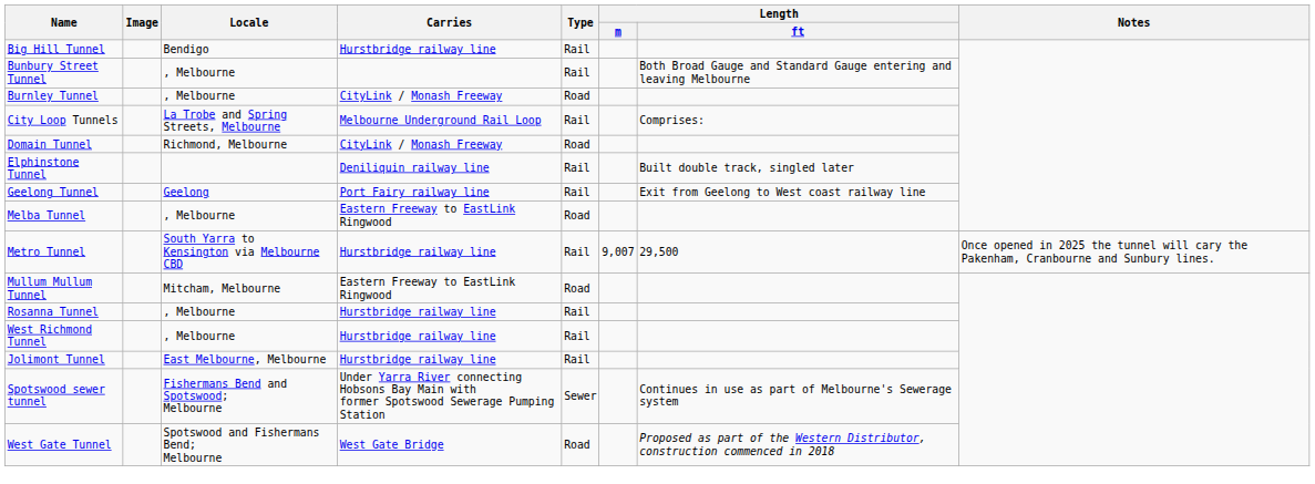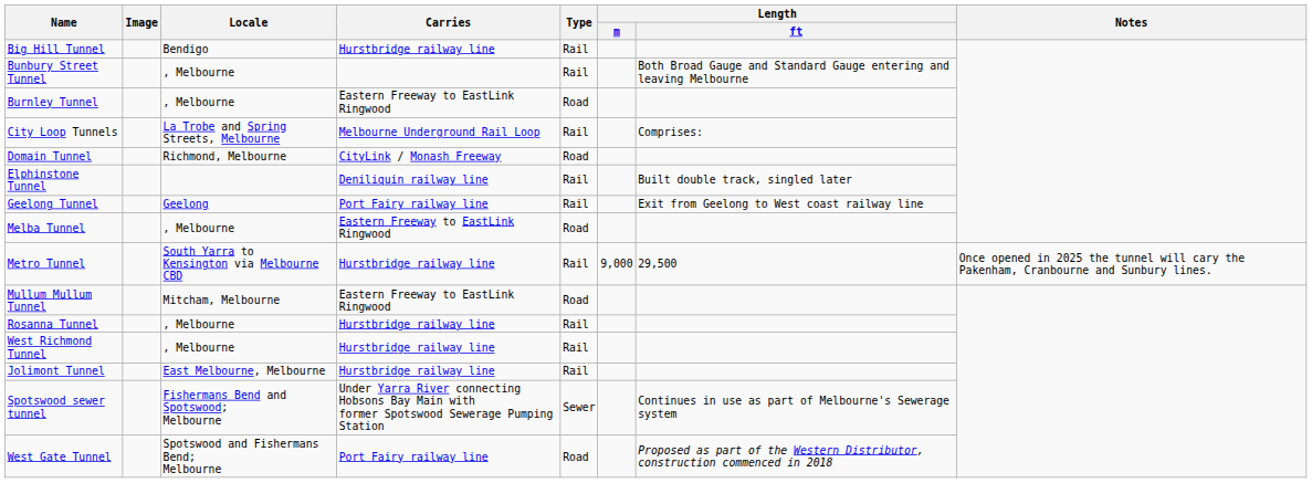 <table class="wikitable sortable">
 <tr>
 <th rowspan=2>Name</th>
 <th rowspan=2>Image</th>
 <th rowspan=2>Locale</th>
 <th rowspan=2>Carries</th>
 <th rowspan=2>Type</th>
 <th colspan=2>Length</th>
 <th rowspan=2>Notes</th>
 </tr>
 <tr>
 <th><a href='#'>m</a></th>
 <th><a href='#'>ft</a></th>
 </tr>
 <tr>
 <td><a href='#'>Big Hill Tunnel</a></td>
 <td></td>
 <td>Bendigo</td>
 <td><a href='#'>Hurstbridge railway line</a></td>
 <td>Rail</td>
 <td></td>
 <td></td>
 </tr>
 <tr>
 <td><a href='#'>Bunbury Street Tunnel</a></td>
 <td></td>
 <td>, Melbourne</td>
 <td></td>
 <td>Rail</td>
 <td></td>
 <td>Both Broad Gauge and Standard Gauge entering and leaving Melbourne</td>
 </tr>
 <tr>
 <td><a href='#'>Burnley Tunnel</a></td>
 <td></td>
 <td>, Melbourne</td>
-<td><a href='#'>CityLink</a> / <a href='#'>Monash Freeway</a></td>
+<td>Eastern Freeway to EastLink Ringwood</td>
 <td>Road</td>
 <td></td>
 <td></td>
 </tr>
 <tr>
 <td><a href='#'>City Loop</a> Tunnels</td>
 <td></td>
 <td><a href='#'>La Trobe</a> and <a href='#'>Spring</a> Streets, <a href='#'>Melbourne</a></td>
 <td><a href='#'>Melbourne Underground Rail Loop</a></td>
 <td>Rail</td>
 <td></td>
 <td>Comprises:<br></td>
 </tr>
 <tr>
 <td><a href='#'>Domain Tunnel</a></td>
 <td></td>
 <td>Richmond, Melbourne</td>
 <td><a href='#'>CityLink</a> / <a href='#'>Monash Freeway</a></td>
 <td>Road</td>
 <td></td>
 <td></td>
 </tr>
 <tr>
 <td><a href='#'>Elphinstone Tunnel</a></td>
 <td></td>
 <td></td>
 <td><a href='#'>Deniliquin railway line</a></td>
 <td>Rail</td>
 <td></td>
 <td>Built double track, singled later</td>
 </tr>
 <tr>
 <td><a href='#'>Geelong Tunnel</a></td>
 <td></td>
 <td><a href='#'>Geelong</a></td>
 <td><a href='#'>Port Fairy railway line</a></td>
 <td>Rail</td>
 <td></td>
 <td>Exit from Geelong to West coast railway line</td>
 </tr>
 <tr>
 <td><a href='#'>Melba Tunnel</a></td>
 <td></td>
 <td>, Melbourne</td>
 <td><a href='#'>Eastern Freeway</a> to <a href='#'>EastLink</a> Ringwood</td>
 <td>Road</td>
 <td></td>
 <td></td>
 </tr>
 <tr>
 <td><a href='#'>Metro Tunnel</a></td>
 <td></td>
 <td><a href='#'>South Yarra</a> to<br><a href='#'>Kensington</a> via <a href='#'>Melbourne CBD</a></td>
 <td><a href='#'>Hurstbridge railway line</a></td>
 <td>Rail</td>
-<td>9,007</td>
+<td>9,000</td>
 <td>29,500</td>
 <td>Once opened in 2025 the tunnel will cary the Pakenham, Cranbourne and Sunbury lines.</td>
 </tr>
 <tr>
 <td><a href='#'>Mullum Mullum Tunnel</a></td>
 <td></td>
 <td>Mitcham, Melbourne</td>
 <td>Eastern Freeway to EastLink Ringwood</td>
 <td>Road</td>
 <td></td>
 <td></td>
 </tr>
 <tr>
 <td><a href='#'>Rosanna Tunnel</a></td>
 <td></td>
 <td>, Melbourne</td>
 <td><a href='#'>Hurstbridge railway line</a></td>
 <td>Rail</td>
 <td></td>
 <td></td>
 </tr>
 <tr>
 <td><a href='#'>West Richmond Tunnel</a></td>
 <td></td>
 <td>, Melbourne</td>
 <td><a href='#'>Hurstbridge railway line</a></td>
 <td>Rail</td>
 <td></td>
 <td></td>
 </tr>
 <tr>
 <td><a href='#'>Jolimont Tunnel</a></td>
 <td></td>
 <td><a href='#'>East Melbourne</a>, Melbourne</td>
 <td><a href='#'>Hurstbridge railway line</a></td>
 <td>Rail</td>
 <td></td>
 <td></td>
 </tr>
 <tr>
 <td><a href='#'>Spotswood sewer tunnel</a></td>
 <td></td>
 <td><a href='#'>Fishermans Bend</a> and <a href='#'>Spotswood</a>;<br>Melbourne</td>
 <td>Under <a href='#'>Yarra River</a> connecting Hobsons Bay Main with<br>former Spotswood Sewerage Pumping Station</td>
 <td>Sewer</td>
 <td></td>
 <td>Continues in use as part of Melbourne's Sewerage system</td>
 </tr>
 <tr>
 <td><a href='#'>West Gate Tunnel</a></td>
 <td></td>
 <td>Spotswood and Fishermans Bend;<br>Melbourne</td>
-<td><a href='#'>West Gate Bridge</a></td>
+<td><a href='#'>Port Fairy railway line</a></td>
 <td>Road</td>
 <td></td>
 <td><em>Proposed as part of the <a href='#'>Western Distributor</a>, construction commenced in 2018</em></td>
 </tr>
 </table>
